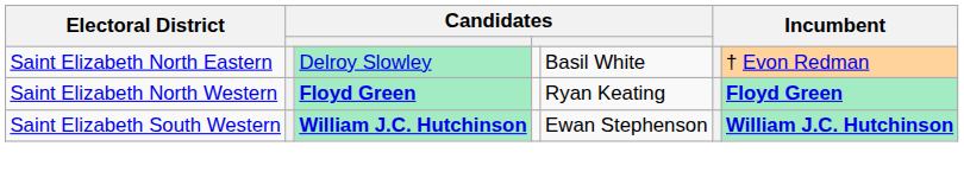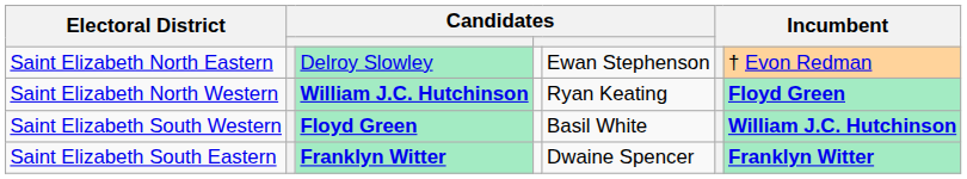 <table class="wikitable">
 <tr>
 <th rowspan="2">Electoral District</th>
 <th colspan="4">Candidates</th>
 <th colspan="2" rowspan="2">Incumbent</th>
 </tr>
 <tr>
 <th colspan="2" style="background:"><a href='#'></a></th>
 <th colspan="2" style="background:"><a href='#'></a></th>
 </tr>
 <tr>
 <td><a href='#'>Saint Elizabeth North Eastern</a></td>
 <th style="background:"></th>
 <td style="background:#a3ebc3"><a href='#'>Delroy Slowley</a></td>
 <td></td>
-<td>Basil White</td>
+<td>Ewan Stephenson</td>
 <th style="background:"></th>
 <td style="background:#FFD39B">† <a href='#'>Evon Redman</a></td>
 </tr>
 <tr>
 <td><a href='#'>Saint Elizabeth North Western</a></td>
 <th style="background:"></th>
-<td style="background:#a3ebc3"><strong><a href='#'>Floyd Green</a></strong></td>
+<td style="background:#a3ebc3"><strong><a href='#'>William J.C. Hutchinson</a></strong></td>
 <td></td>
 <td>Ryan Keating</td>
 <th style="background:"></th>
 <td style="background:#a3ebc3"><strong><a href='#'>Floyd Green</a></strong></td>
 </tr>
 <tr>
 <td><a href='#'>Saint Elizabeth South Western</a></td>
 <th style="background:"></th>
-<td style="background:#a3ebc3"><strong><a href='#'>William J.C. Hutchinson</a></strong></td>
+<td style="background:#a3ebc3"><strong><a href='#'>Floyd Green</a></strong></td>
 <td></td>
-<td>Ewan Stephenson</td>
+<td>Basil White</td>
 <th style="background:"></th>
 <td style="background:#a3ebc3"><strong><a href='#'>William J.C. Hutchinson</a></strong></td>
 </tr>
+<tr>
+<td><a href='#'>Saint Elizabeth South Eastern</a></td>
+<th style="background:"></th>
+<td style="background:#a3ebc3"><strong><a href='#'>Franklyn Witter</a></strong></td>
+<td></td>
+<td>Dwaine Spencer</td>
+<th style="background:"></th>
+<td style="background:#a3ebc3"><strong><a href='#'>Franklyn Witter</a></strong></td>
+</tr>
 </table>
